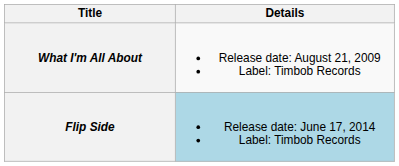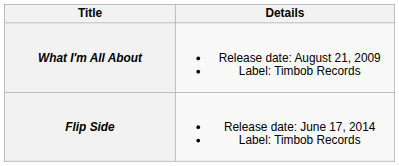 <table class="wikitable plainrowheaders" style="text-align:center;">
 <tr>
 <th style="width:14em;">Title</th>
 <th style="width:18em;">Details</th>
 </tr>
 <tr>
 <th scope="row"><em>What I'm All About</em></th>
 <td><br><ul><li>Release date: August 21, 2009</li><li>Label: Timbob Records</li></ul></td>
 </tr>
 <tr>
 <th scope="row"><em>Flip Side</em></th>
-<td style="background: lightblue;"><br><ul><li>Release date: June 17, 2014</li><li>Label: Timbob Records</li></ul></td>
+<td><br><ul><li>Release date: June 17, 2014</li><li>Label: Timbob Records</li></ul></td>
 </tr>
 </table>
